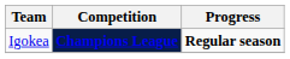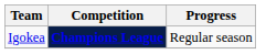 <table class="wikitable sortable">
 <tr>
 <th>Team</th>
 <th>Competition</th>
 <th>Progress</th>
 </tr>
 <tr>
 <td><a href='#'>Igokea</a></td>
 <td style="background-color:#071D49;color:#D0D3D4;text-align:center"><strong><a href='#'><span>Champions League</span></a></strong></td>
-<td><strong>Regular season</strong></td>
+<td>Regular season</td>
 </tr>
 <tr>
 </tr>
 </table>
